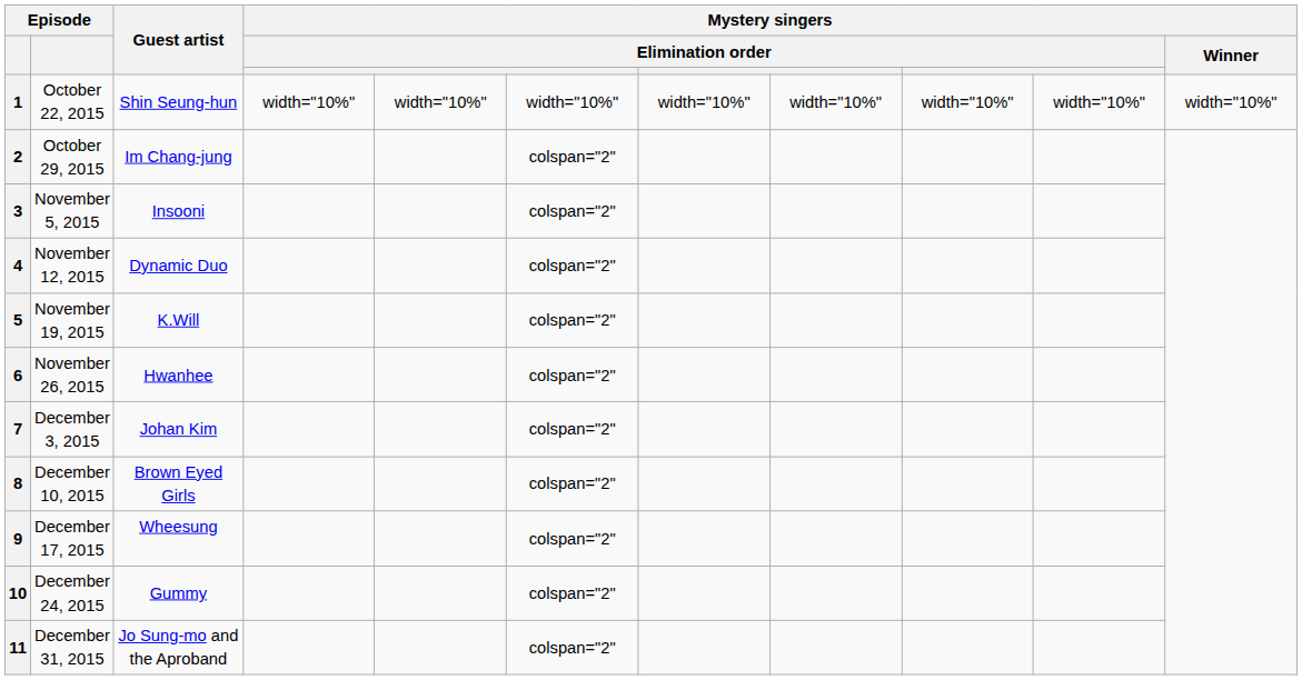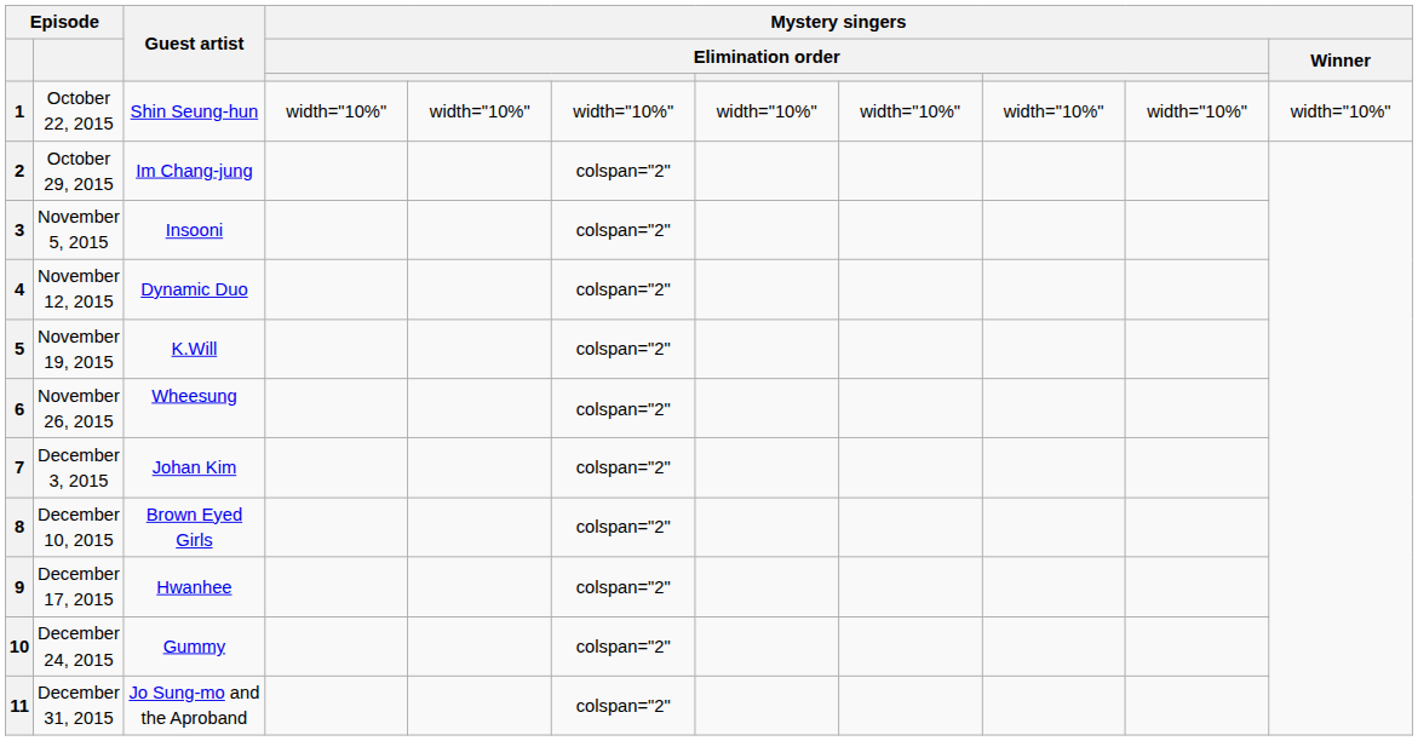 <table class="wikitable plainrowheaders mw-collapsible" style="text-align:center; line-height:23px; width:100%;">
 <tr>
 <th colspan="2" width="1%">Episode</th>
 <th rowspan="3" width="10%">Guest artist</th>
 <th colspan="8">Mystery singers<br></th>
 </tr>
 <tr>
 <th rowspan="2"></th>
 <th rowspan="2"></th>
 <th colspan="7">Elimination order</th>
 <th rowspan="2">Winner</th>
 </tr>
 <tr>
 <th colspan="3"></th>
 <th colspan="2"></th>
 <th colspan="2"></th>
 </tr>
 <tr>
 <th>1</th>
 <td>October 22, 2015</td>
 <td><a href='#'>Shin Seung-hun</a><br></td>
 <td>width="10%" </td>
 <td>width="10%" </td>
 <td>width="10%" </td>
 <td>width="10%" </td>
 <td>width="10%" </td>
 <td>width="10%" </td>
 <td>width="10%" </td>
 <td>width="10%" </td>
 </tr>
 <tr>
 <th>2</th>
 <td>October 29, 2015</td>
 <td><a href='#'>Im Chang-jung</a><br></td>
 <td></td>
 <td></td>
 <td>colspan="2"</td>
 <td></td>
 <td></td>
 <td></td>
 <td></td>
 </tr>
 <tr>
 <th>3</th>
 <td>November 5, 2015</td>
 <td><a href='#'>Insooni</a><br></td>
 <td></td>
 <td></td>
 <td>colspan="2"</td>
 <td></td>
 <td></td>
 <td></td>
 <td></td>
 </tr>
 <tr>
 <th>4</th>
 <td>November 12, 2015</td>
 <td><a href='#'>Dynamic Duo</a><br></td>
 <td></td>
 <td></td>
 <td>colspan="2"</td>
 <td></td>
 <td></td>
 <td></td>
 <td></td>
 </tr>
 <tr>
 <th>5</th>
 <td>November 19, 2015</td>
 <td><a href='#'>K.Will</a><br></td>
 <td></td>
 <td></td>
 <td>colspan="2"</td>
 <td></td>
 <td></td>
 <td></td>
 <td></td>
 </tr>
 <tr>
 <th>6</th>
 <td>November 26, 2015</td>
-<td><a href='#'>Hwanhee</a><br></td>
+<td><a href='#'>Wheesung</a><br><br></td>
 <td></td>
 <td></td>
 <td>colspan="2"</td>
 <td></td>
 <td></td>
 <td></td>
 <td></td>
 </tr>
 <tr>
 <th>7</th>
 <td>December 3, 2015</td>
 <td><a href='#'>Johan Kim</a><br></td>
 <td></td>
 <td></td>
 <td>colspan="2"</td>
 <td></td>
 <td></td>
 <td></td>
 <td></td>
 </tr>
 <tr>
 <th>8</th>
 <td>December 10, 2015</td>
 <td><a href='#'>Brown Eyed Girls</a><br></td>
 <td></td>
 <td></td>
 <td>colspan="2"</td>
 <td></td>
 <td></td>
 <td></td>
 <td></td>
 </tr>
 <tr>
 <th>9</th>
 <td>December 17, 2015</td>
-<td><a href='#'>Wheesung</a><br><br></td>
+<td><a href='#'>Hwanhee</a><br></td>
 <td></td>
 <td></td>
 <td>colspan="2"</td>
 <td></td>
 <td></td>
 <td></td>
 <td></td>
 </tr>
 <tr>
 <th>10</th>
 <td>December 24, 2015</td>
 <td><a href='#'>Gummy</a><br></td>
 <td></td>
 <td></td>
 <td>colspan="2"</td>
 <td></td>
 <td></td>
 <td></td>
 <td></td>
 </tr>
 <tr>
 <th>11</th>
 <td>December 31, 2015</td>
 <td><a href='#'>Jo Sung-mo</a> and the Aproband</td>
 <td></td>
 <td></td>
 <td>colspan="2"</td>
 <td></td>
 <td></td>
 <td></td>
 <td></td>
 </tr>
 </table>
